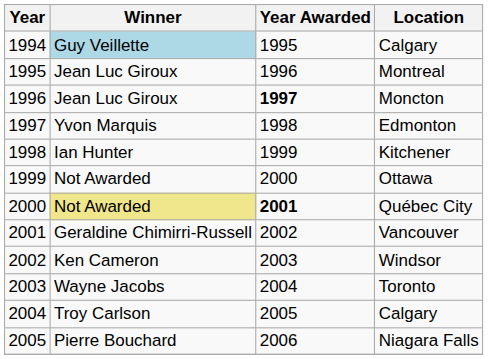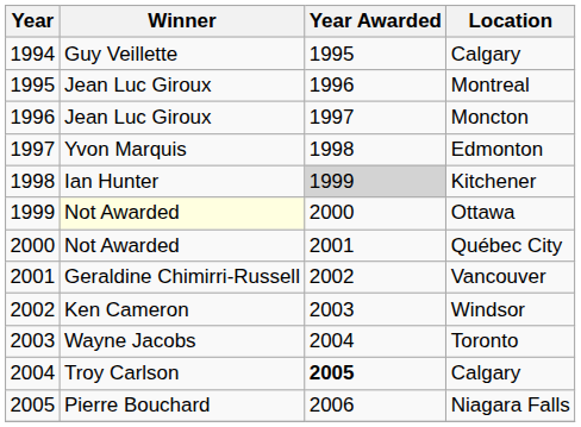 <table class="wikitable">
 <tr>
 <th>Year</th>
 <th>Winner</th>
 <th>Year Awarded</th>
 <th>Location</th>
 </tr>
 <tr>
 <td>1994</td>
-<td style="background: lightblue;">Guy Veillette</td>
+<td>Guy Veillette</td>
 <td>1995</td>
 <td>Calgary</td>
 </tr>
 <tr>
 <td>1995</td>
 <td>Jean Luc Giroux</td>
 <td>1996</td>
 <td>Montreal</td>
 </tr>
 <tr>
 <td>1996</td>
 <td>Jean Luc Giroux</td>
-<td><strong>1997</strong></td>
+<td>1997</td>
 <td>Moncton</td>
 </tr>
 <tr>
 <td>1997</td>
 <td>Yvon Marquis</td>
 <td>1998</td>
 <td>Edmonton</td>
 </tr>
 <tr>
 <td>1998</td>
 <td>Ian Hunter</td>
-<td>1999</td>
+<td style="background: lightgrey;">1999</td>
 <td>Kitchener</td>
 </tr>
 <tr>
 <td>1999</td>
-<td>Not Awarded</td>
+<td style="background: lightyellow;">Not Awarded</td>
 <td>2000</td>
 <td>Ottawa</td>
 </tr>
 <tr>
 <td>2000</td>
-<td style="background: khaki;">Not Awarded</td>
-<td><strong>2001</strong></td>
+<td>Not Awarded</td>
+<td>2001</td>
 <td>Québec City</td>
 </tr>
 <tr>
 <td>2001</td>
 <td>Geraldine Chimirri-Russell</td>
 <td>2002</td>
 <td>Vancouver</td>
 </tr>
 <tr>
 <td>2002</td>
 <td>Ken Cameron</td>
 <td>2003</td>
 <td>Windsor</td>
 </tr>
 <tr>
 <td>2003</td>
 <td>Wayne Jacobs</td>
 <td>2004</td>
 <td>Toronto</td>
 </tr>
 <tr>
 <td>2004</td>
 <td>Troy Carlson</td>
-<td>2005</td>
+<td><strong>2005</strong></td>
 <td>Calgary</td>
 </tr>
 <tr>
 <td>2005</td>
 <td>Pierre Bouchard</td>
 <td>2006</td>
 <td>Niagara Falls</td>
 </tr>
 <tr>
 </tr>
 </table>
